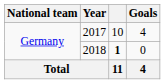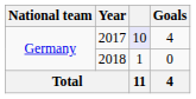 <table class="wikitable" style="text-align:center">
 <tr>
 <th>National team</th>
 <th>Year</th>
 <th></th>
 <th>Goals</th>
 </tr>
 <tr>
 <td rowspan="2"><a href='#'>Germany</a></td>
 <td>2017</td>
-<td>10</td>
+<td style="background: lavender;">10</td>
 <td>4</td>
 </tr>
 <tr>
 <td>2018</td>
-<td><strong>1</strong></td>
+<td>1</td>
 <td>0</td>
 </tr>
 <tr>
 <th colspan="2">Total</th>
 <th>11</th>
 <th>4</th>
 </tr>
 </table>
